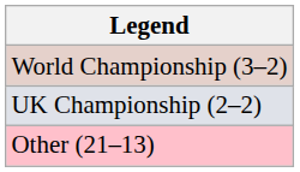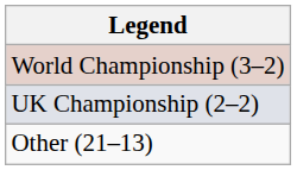 <table class="wikitable">
 <tr>
 <th>Legend</th>
 </tr>
 <tr bgcolor="#e5d1cb">
 <td>World Championship (3–2)</td>
 </tr>
 <tr bgcolor="dfe2e9">
 <td>UK Championship (2–2)</td>
 </tr>
 <tr>
-<td style="background: pink;">Other (21–13)</td>
+<td>Other (21–13)</td>
 </tr>
 </table>
